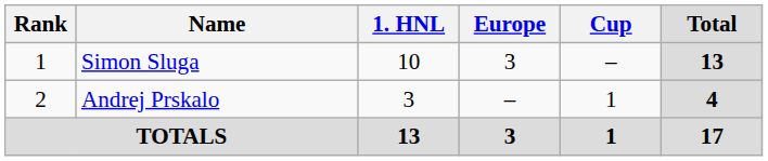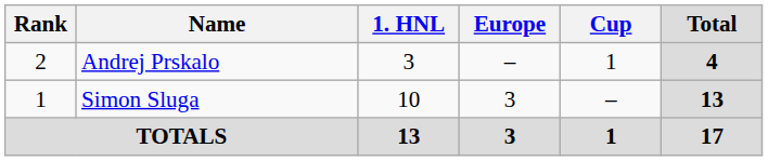 <table class="wikitable" style="font-size: 95%; text-align: center;">
 <tr>
 <th width=40>Rank</th>
 <th width=180>Name</th>
 <th width=60><a href='#'>1. HNL</a></th>
 <th width=60><a href='#'>Europe</a></th>
 <th width=60><a href='#'>Cup</a></th>
 <th width=60 style="background: #DCDCDC">Total</th>
 </tr>
 <tr>
+<td rowspan=1>2</td>
+<td style="text-align:left;"> <a href='#'>Andrej Prskalo</a></td>
+<td>3</td>
+<td>–</td>
+<td>1</td>
+<th style="background: #DCDCDC">4</th>
+</tr>
+<tr>
 <td rowspan=1>1</td>
 <td style="text-align:left;"> <a href='#'>Simon Sluga</a></td>
 <td>10</td>
 <td>3</td>
 <td>–</td>
 <th style="background: #DCDCDC">13</th>
-</tr>
-<tr>
-<td rowspan=1>2</td>
-<td style="text-align:left;"> <a href='#'>Andrej Prskalo</a></td>
-<td>3</td>
-<td>–</td>
-<td>1</td>
-<th style="background: #DCDCDC">4</th>
 </tr>
 <tr>
 <th colspan="2" align="center" style="background: #DCDCDC">TOTALS</th>
 <th style="background: #DCDCDC">13</th>
 <th style="background: #DCDCDC">3</th>
 <th style="background: #DCDCDC">1</th>
 <th style="background: #DCDCDC">17</th>
 </tr>
 </table>
